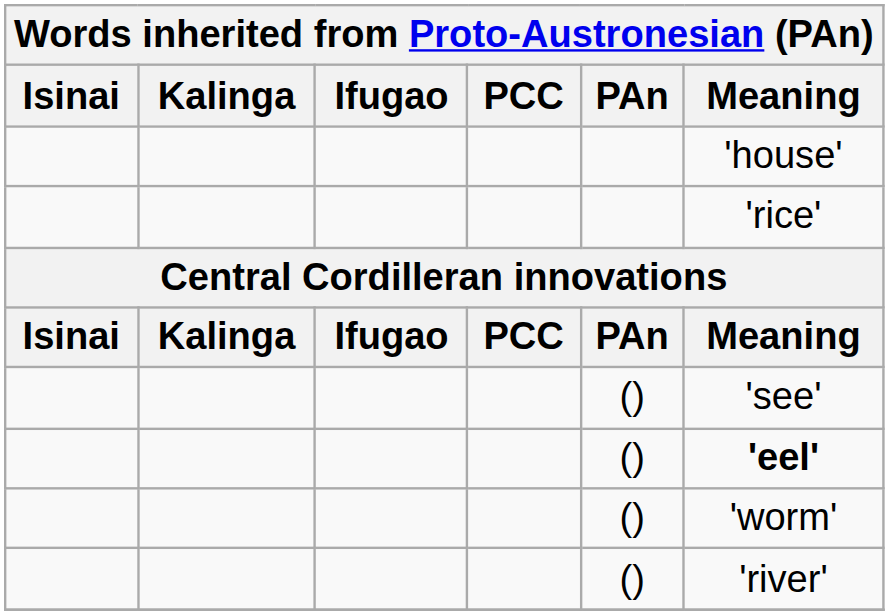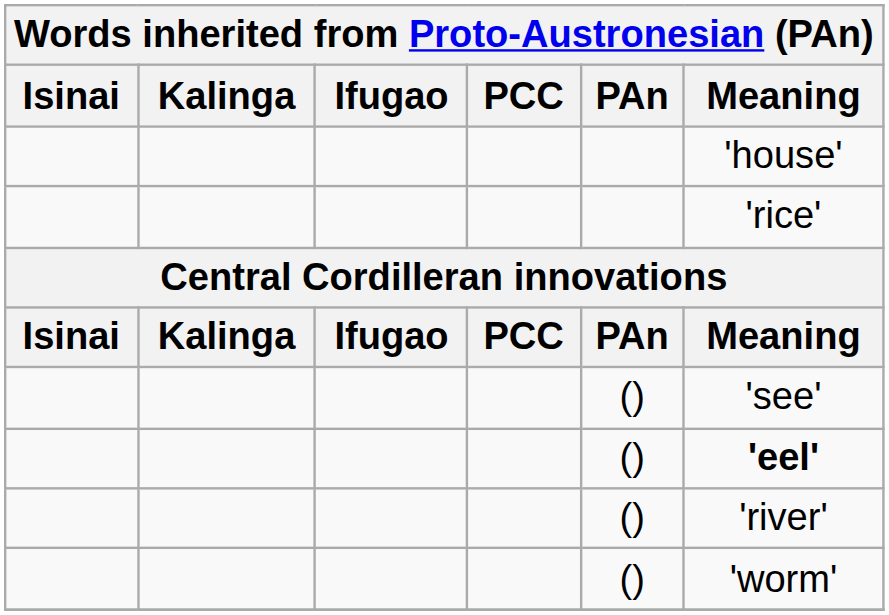 <table class="wikitable" title="Comparison table" style="text-align: center;">
 <tr>
 <th colspan=8>Words inherited from <a href='#'>Proto-Austronesian</a> (PAn)</th>
 </tr>
 <tr>
 <th>Isinai</th>
 <th>Kalinga</th>
 <th>Ifugao</th>
 <th>PCC</th>
 <th>PAn</th>
 <th>Meaning</th>
 </tr>
 <tr>
 <td></td>
 <td></td>
 <td></td>
 <td></td>
 <td></td>
 <td>'house'</td>
 </tr>
 <tr>
 <td><em></em></td>
 <td></td>
 <td></td>
 <td></td>
 <td></td>
 <td>'rice'</td>
 </tr>
 <tr>
 <th colspan=8>Central Cordilleran innovations</th>
 </tr>
 <tr>
 <th>Isinai</th>
 <th>Kalinga</th>
 <th>Ifugao</th>
 <th>PCC</th>
 <th>PAn</th>
 <th>Meaning</th>
 </tr>
 <tr>
 <td></td>
 <td></td>
 <td></td>
 <td></td>
 <td>()</td>
 <td>'see'</td>
 </tr>
 <tr>
 <td></td>
 <td></td>
 <td></td>
 <td></td>
 <td>()</td>
 <td><strong>'eel'</strong></td>
 </tr>
 <tr>
 <td></td>
 <td></td>
 <td></td>
 <td></td>
 <td>()</td>
-<td>'worm'</td>
+<td>'river'</td>
 </tr>
 <tr>
 <td></td>
 <td></td>
 <td></td>
 <td></td>
 <td>()</td>
-<td>'river'</td>
+<td>'worm'</td>
 </tr>
 <tr>
 </tr>
 </table>
